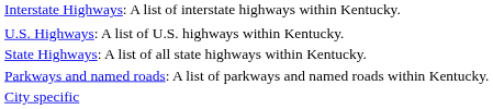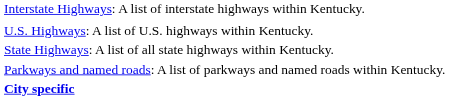 <table class="toccolours" cellspacing="3px" style="margin: 0 0 1em 1em; text-align:left;">
 <tr>
 <td></td>
 <td><a href='#'>Interstate Highways</a>: A list of interstate highways within Kentucky.</td>
 </tr>
 <tr>
 </tr>
 <tr>
 <td></td>
 <td><a href='#'>U.S. Highways</a>: A list of U.S. highways within Kentucky.</td>
 </tr>
 <tr>
 <td></td>
 <td><a href='#'>State Highways</a>: A list of all state highways within Kentucky.</td>
 </tr>
 <tr>
 <td></td>
 <td><a href='#'>Parkways and named roads</a>: A list of parkways and named roads within Kentucky.</td>
 </tr>
 <tr>
 <td></td>
-<td><a href='#'>City specific</a></td>
+<td><strong><a href='#'>City specific</a></strong></td>
 </tr>
 </table>
